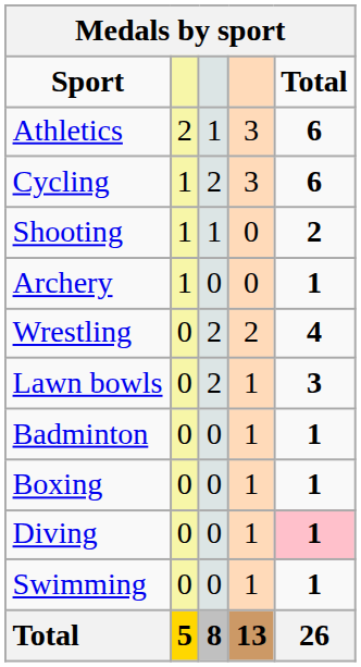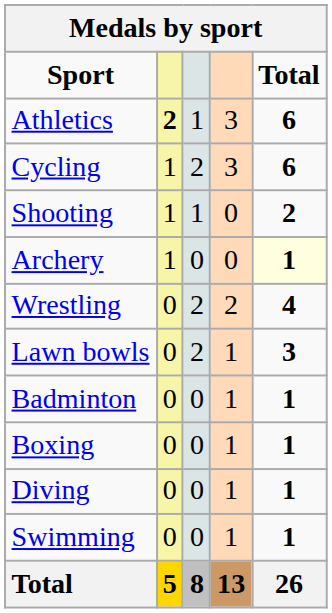 <table class="wikitable" style="text-align:center;font-size:90%">
 <tr style="background:#efefef;">
 <th colspan=7><strong>Medals by sport</strong></th>
 </tr>
 <tr>
 <td><strong>Sport</strong></td>
 <td bgcolor=#f7f6a8></td>
 <td bgcolor=#dce5e5></td>
 <td bgcolor=#ffdab9></td>
 <td><strong>Total</strong></td>
 </tr>
 <tr>
 <td style="text-align:left;"><a href='#'>Athletics</a></td>
-<td style="background:#F7F6A8;">2</td>
+<td style="background:#F7F6A8;"><strong>2</strong></td>
 <td style="background:#DCE5E5;">1</td>
 <td style="background:#FFDAB9;">3</td>
 <td><strong>6</strong></td>
 </tr>
 <tr>
 <td style="text-align:left;"><a href='#'>Cycling</a></td>
 <td style="background:#F7F6A8;">1</td>
 <td style="background:#DCE5E5;">2</td>
 <td style="background:#FFDAB9;">3</td>
 <td><strong>6</strong></td>
 </tr>
 <tr>
 <td style="text-align:left;"><a href='#'>Shooting</a></td>
 <td style="background:#F7F6A8;">1</td>
 <td style="background:#DCE5E5;">1</td>
 <td style="background:#FFDAB9;">0</td>
 <td><strong>2</strong></td>
 </tr>
 <tr>
 <td style="text-align:left;"><a href='#'>Archery</a></td>
 <td style="background:#F7F6A8;">1</td>
 <td style="background:#DCE5E5;">0</td>
 <td style="background:#FFDAB9;">0</td>
-<td><strong>1</strong></td>
+<td style="background: lightyellow;"><strong>1</strong></td>
 </tr>
 <tr>
 <td style="text-align:left;"><a href='#'>Wrestling</a></td>
 <td style="background:#F7F6A8;">0</td>
 <td style="background:#DCE5E5;">2</td>
 <td style="background:#FFDAB9;">2</td>
 <td><strong>4</strong></td>
 </tr>
 <tr>
 <td style="text-align:left;"><a href='#'>Lawn bowls</a></td>
 <td style="background:#F7F6A8;">0</td>
 <td style="background:#DCE5E5;">2</td>
 <td style="background:#FFDAB9;">1</td>
 <td><strong>3</strong></td>
 </tr>
 <tr>
 <td style="text-align:left;"><a href='#'>Badminton</a></td>
 <td style="background:#F7F6A8;">0</td>
 <td style="background:#DCE5E5;">0</td>
 <td style="background:#FFDAB9;">1</td>
 <td><strong>1</strong></td>
 </tr>
 <tr>
 <td style="text-align:left;"><a href='#'>Boxing</a></td>
 <td style="background:#F7F6A8;">0</td>
 <td style="background:#DCE5E5;">0</td>
 <td style="background:#FFDAB9;">1</td>
 <td><strong>1</strong></td>
 </tr>
 <tr>
 <td style="text-align:left;"><a href='#'>Diving</a></td>
 <td style="background:#F7F6A8;">0</td>
 <td style="background:#DCE5E5;">0</td>
 <td style="background:#FFDAB9;">1</td>
-<td style="background: pink;"><strong>1</strong></td>
+<td><strong>1</strong></td>
 </tr>
 <tr>
 <td style="text-align:left;"><a href='#'>Swimming</a></td>
 <td style="background:#F7F6A8;">0</td>
 <td style="background:#DCE5E5;">0</td>
 <td style="background:#FFDAB9;">1</td>
 <td><strong>1</strong></td>
 </tr>
 <tr>
 <th style="text-align:left;"><strong>Total</strong></th>
 <th style="background:gold;"><strong>5</strong></th>
 <th style="background:silver;"><strong>8</strong></th>
 <th style="background:#c96;"><strong>13</strong></th>
 <th><strong>26</strong></th>
 </tr>
 </table>
